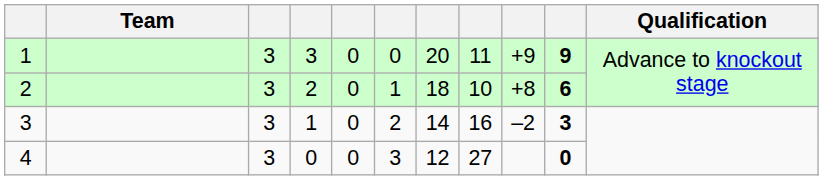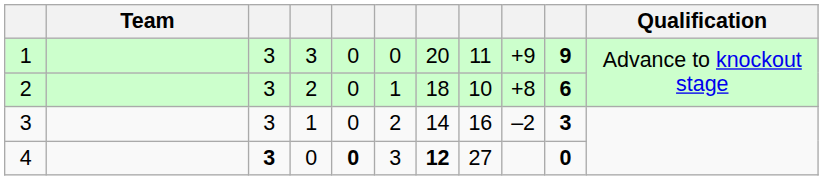 <table class="wikitable" style="text-align: center;">
 <tr>
 <th width="25"></th>
 <th width="150">Team</th>
 <th width="25"></th>
 <th width="25"></th>
 <th width="25"></th>
 <th width="25"></th>
 <th width="25"></th>
 <th width="25"></th>
 <th width="25"></th>
 <th width="25"></th>
 <th width="170">Qualification</th>
 </tr>
 <tr align=center style="background:#ccffcc;">
 <td>1</td>
 <td style="text-align:left;"></td>
 <td>3</td>
 <td>3</td>
 <td>0</td>
 <td>0</td>
 <td>20</td>
 <td>11</td>
 <td>+9</td>
 <td><strong>9</strong></td>
 <td rowspan="2">Advance to <a href='#'>knockout stage</a></td>
 </tr>
 <tr align=center style="background:#ccffcc;">
 <td>2</td>
 <td style="text-align:left;"></td>
 <td>3</td>
 <td>2</td>
 <td>0</td>
 <td>1</td>
 <td>18</td>
 <td>10</td>
 <td>+8</td>
 <td><strong>6</strong></td>
 </tr>
 <tr align=center>
 <td>3</td>
 <td style="text-align:left;"></td>
 <td>3</td>
 <td>1</td>
 <td>0</td>
 <td>2</td>
 <td>14</td>
 <td>16</td>
 <td>–2</td>
 <td><strong>3</strong></td>
 <td rowspan="2"></td>
 </tr>
 <tr align=center>
 <td>4</td>
 <td style="text-align:left;"></td>
+<td><strong>3</strong></td>
+<td>0</td>
+<td><strong>0</strong></td>
 <td>3</td>
-<td>0</td>
-<td>0</td>
-<td>3</td>
-<td>12</td>
+<td><strong>12</strong></td>
 <td>27</td>
 <td></td>
 <td><strong>0</strong></td>
 </tr>
 </table>
